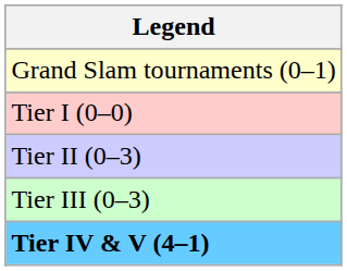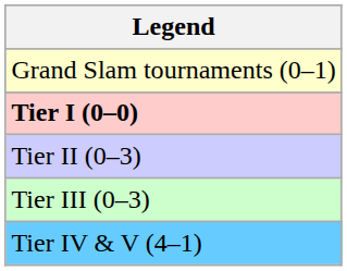 <table class=wikitable style="font-size:90%">
 <tr>
 <th>Legend</th>
 </tr>
 <tr>
 <td align=center colspan=2 style="background:#ffc;">Grand Slam tournaments (0–1)</td>
 </tr>
 <tr>
-<td bgcolor=#ffcccc>Tier I (0–0)</td>
+<td bgcolor=#ffcccc><strong>Tier I (0–0)</strong></td>
 </tr>
 <tr>
 <td bgcolor=#ccccff>Tier II (0–3)</td>
 </tr>
 <tr>
 <td bgcolor=#CCFFCC>Tier III (0–3)</td>
 </tr>
 <tr>
-<td bgcolor=#66CCFF><strong>Tier IV & V (4–1)</strong></td>
+<td bgcolor=#66CCFF>Tier IV & V (4–1)</td>
 </tr>
 </table>
